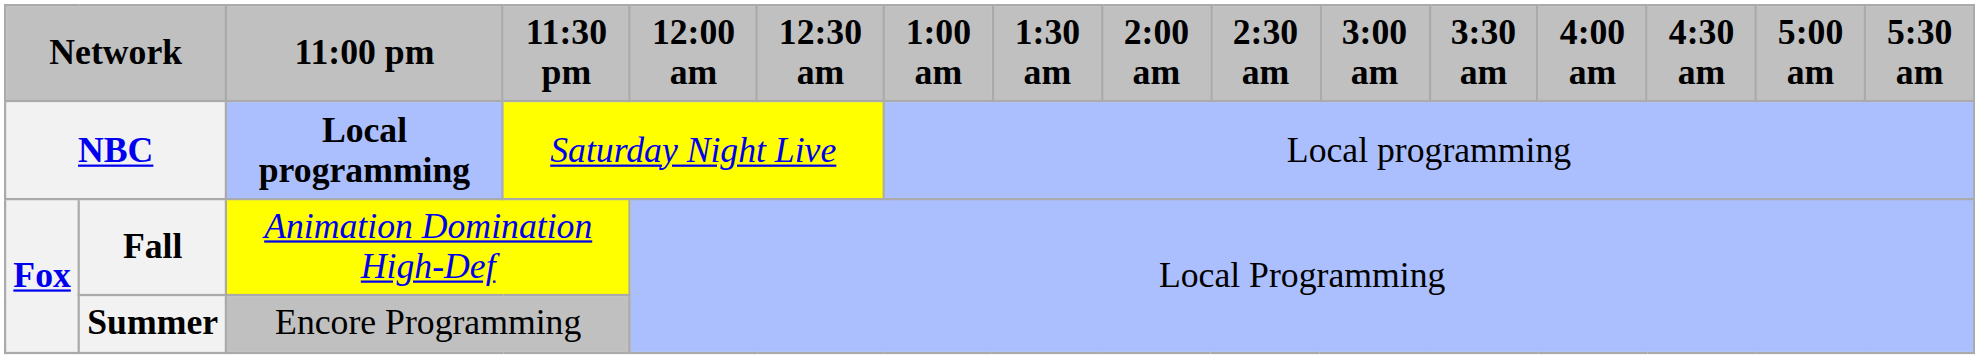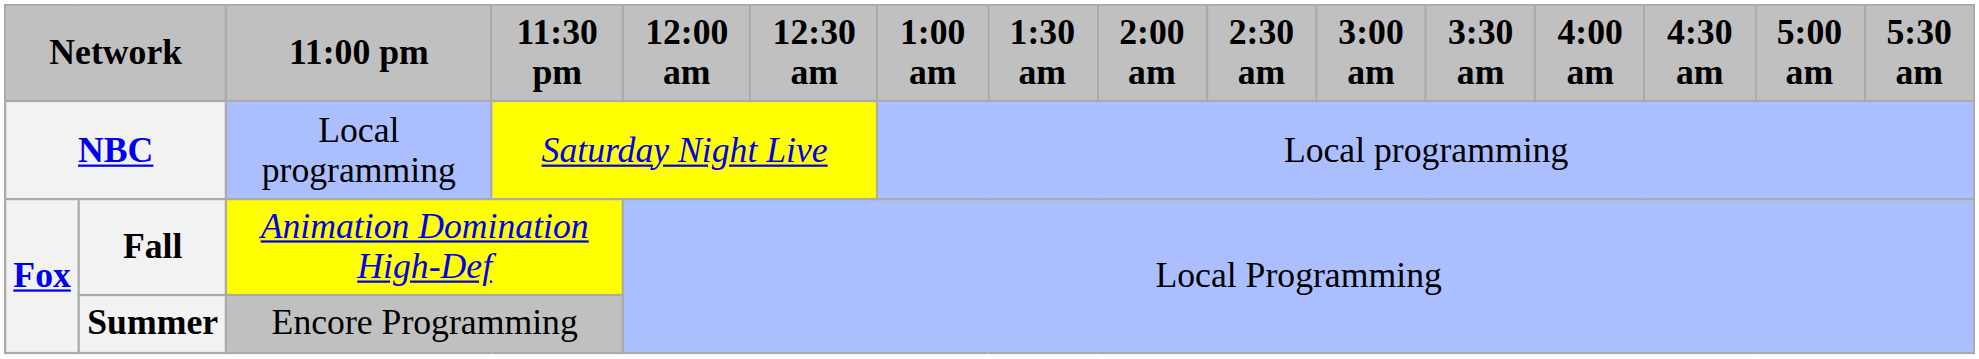 <table class="wikitable" style="width:100%;margin-right:0;text-align:center">
 <tr>
 <th style="background-color:#C0C0C0;text-align:center" colspan="2">Network</th>
 <th style="background-color:#C0C0C0;text-align:center">11:00 pm</th>
 <th style="background-color:#C0C0C0;text-align:center">11:30 pm</th>
 <th style="background-color:#C0C0C0;text-align:center">12:00 am</th>
 <th style="background-color:#C0C0C0;text-align:center">12:30 am</th>
 <th style="background-color:#C0C0C0;text-align:center">1:00 am</th>
 <th style="background-color:#C0C0C0;text-align:center">1:30 am</th>
 <th style="background-color:#C0C0C0;text-align:center">2:00 am</th>
 <th style="background-color:#C0C0C0;text-align:center">2:30 am</th>
 <th style="background-color:#C0C0C0;text-align:center">3:00 am</th>
 <th style="background-color:#C0C0C0;text-align:center">3:30 am</th>
 <th style="background-color:#C0C0C0;text-align:center">4:00 am</th>
 <th style="background-color:#C0C0C0;text-align:center">4:30 am</th>
 <th style="background-color:#C0C0C0;text-align:center">5:00 am</th>
 <th style="background-color:#C0C0C0;text-align:center">5:30 am</th>
 </tr>
 <tr>
 <th colspan="2"><a href='#'>NBC</a></th>
-<td style="background:#abbfff"><strong>Local programming</strong></td>
+<td style="background:#abbfff">Local programming</td>
 <td colspan="3" style="background:yellow"><em><a href='#'>Saturday Night Live</a></em></td>
 <td colspan="10" style="background:#abbfff">Local programming </td>
 </tr>
 <tr>
 <th rowspan="2"><a href='#'>Fox</a></th>
 <th>Fall</th>
 <td colspan="2" style="background:yellow"><em><a href='#'>Animation Domination High-Def</a></em></td>
 <td colspan="12" rowspan="2" style="background:#abbfff">Local Programming</td>
 </tr>
 <tr>
 <th>Summer</th>
 <td colspan="2" style="background:#C0C0C0">Encore Programming</td>
 </tr>
 </table>
